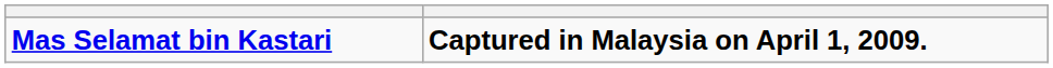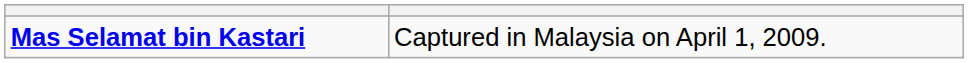 <table class="wikitable" border="1" align="center" width="600px">
 <tr>
 <th width="40%"></th>
 <th width="60%"></th>
 </tr>
 <tr>
 <td><strong><a href='#'>Mas Selamat bin Kastari</a></strong></td>
-<td><strong>Captured in Malaysia on April 1, 2009.</strong></td>
+<td>Captured in Malaysia on April 1, 2009.</td>
 </tr>
 </table>
